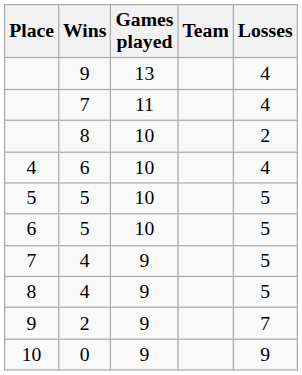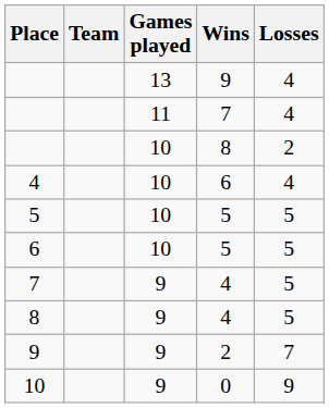 <table class="wikitable" style="text-align:center;">
 <tr>
 <th>Place</th>
+<th>Team</th>
+<th>Games<br>played</th>
 <th>Wins</th>
-<th>Games<br>played</th>
-<th>Team</th>
 <th>Losses</th>
 </tr>
 <tr>
 <td></td>
+<td align=left></td>
+<td>13</td>
 <td>9</td>
-<td>13</td>
-<td align=left></td>
 <td>4</td>
 </tr>
 <tr>
 <td></td>
+<td align=left></td>
+<td>11</td>
 <td>7</td>
-<td>11</td>
-<td align=left></td>
 <td>4</td>
 </tr>
 <tr>
 <td></td>
+<td align=left></td>
+<td>10</td>
 <td>8</td>
-<td>10</td>
-<td align=left></td>
 <td>2</td>
 </tr>
 <tr>
 <td>4</td>
+<td align=left></td>
+<td>10</td>
 <td>6</td>
-<td>10</td>
-<td align=left></td>
 <td>4</td>
 </tr>
 <tr>
 <td>5</td>
+<td align=left></td>
+<td>10</td>
 <td>5</td>
-<td>10</td>
-<td align=left></td>
 <td>5</td>
 </tr>
 <tr>
 <td>6</td>
+<td align=left></td>
+<td>10</td>
 <td>5</td>
-<td>10</td>
-<td align=left></td>
 <td>5</td>
 </tr>
 <tr>
 <td>7</td>
+<td align=left></td>
+<td>9</td>
 <td>4</td>
-<td>9</td>
-<td align=left></td>
 <td>5</td>
 </tr>
 <tr>
 <td>8</td>
+<td align=left></td>
+<td>9</td>
 <td>4</td>
-<td>9</td>
-<td align=left></td>
 <td>5</td>
 </tr>
 <tr>
 <td>9</td>
+<td align=left></td>
+<td>9</td>
 <td>2</td>
-<td>9</td>
-<td align=left></td>
 <td>7</td>
 </tr>
 <tr>
 <td>10</td>
+<td align=left></td>
+<td>9</td>
 <td>0</td>
-<td>9</td>
-<td align=left></td>
 <td>9</td>
 </tr>
 </table>
